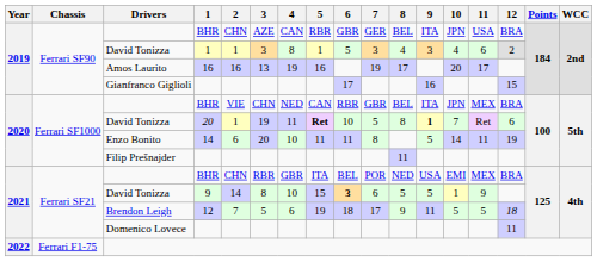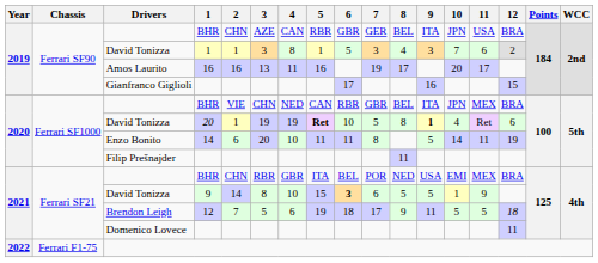 <table class="wikitable" style="text-align:center; font-size:85%">
 <tr>
 <th>Year</th>
 <th>Chassis</th>
 <th>Drivers</th>
 <th>1</th>
 <th>2</th>
 <th>3</th>
 <th>4</th>
 <th>5</th>
 <th>6</th>
 <th>7</th>
 <th>8</th>
 <th>9</th>
 <th>10</th>
 <th>11</th>
 <th>12</th>
 <th><a href='#'>Points</a></th>
 <th>WCC</th>
 </tr>
 <tr>
 <th rowspan="4"><a href='#'>2019</a></th>
 <td rowspan="4"><a href='#'>Ferrari SF90</a></td>
 <td></td>
 <td><a href='#'>BHR</a></td>
 <td><a href='#'>CHN</a></td>
 <td><a href='#'>AZE</a></td>
 <td><a href='#'>CAN</a></td>
 <td><a href='#'>RBR</a></td>
 <td><a href='#'>GBR</a></td>
 <td><a href='#'>GER</a></td>
 <td><a href='#'>BEL</a></td>
 <td><a href='#'>ITA</a></td>
 <td><a href='#'>JPN</a></td>
 <td><a href='#'>USA</a></td>
 <td><a href='#'>BRA</a></td>
 <th rowspan="4" style="background:#DFDFDF;">184</th>
 <th rowspan="4" style="background:#DFDFDF;">2nd</th>
 </tr>
 <tr>
 <td align="left"> David Tonizza</td>
 <td style="background:#FFFFBF">1</td>
 <td style="background:#FFFFBF">1</td>
 <td style="background:#FFDF9F">3</td>
 <td style="background:#DFFFDF">8</td>
 <td style="background:#FFFFBF">1</td>
 <td style="background:#DFFFDF">5</td>
 <td style="background:#FFDF9F">3</td>
 <td style="background:#DFFFDF">4</td>
 <td style="background:#FFDF9F">3</td>
-<td style="background:#DFFFDF">4</td>
+<td style="background:#DFFFDF">7</td>
 <td style="background:#DFFFDF">6</td>
 <td style="background:#DFDFDF">2</td>
 </tr>
 <tr>
 <td align="left"> Amos Laurito</td>
 <td style="background:#CFCFFF">16</td>
 <td style="background:#CFCFFF">16</td>
 <td style="background:#CFCFFF">13</td>
-<td style="background:#CFCFFF">19</td>
+<td style="background:#CFCFFF">11</td>
 <td style="background:#CFCFFF">16</td>
 <td></td>
 <td style="background:#CFCFFF">19</td>
 <td style="background:#CFCFFF">17</td>
 <td></td>
 <td style="background:#CFCFFF">20</td>
 <td style="background:#CFCFFF">17</td>
 <td></td>
 </tr>
 <tr>
 <td align="left"> Gianfranco Giglioli</td>
 <td></td>
 <td></td>
 <td></td>
 <td></td>
 <td></td>
 <td style="background:#CFCFFF">17</td>
 <td></td>
 <td></td>
 <td style="background:#CFCFFF">16</td>
 <td></td>
 <td></td>
 <td style="background:#CFCFFF">15</td>
 </tr>
 <tr>
 <th rowspan="4"><a href='#'>2020</a></th>
 <td rowspan="4"><a href='#'>Ferrari SF1000</a></td>
 <td></td>
 <td><a href='#'>BHR</a></td>
 <td><a href='#'>VIE</a></td>
 <td><a href='#'>CHN</a></td>
 <td><a href='#'>NED</a></td>
 <td><a href='#'>CAN</a></td>
 <td><a href='#'>RBR</a></td>
 <td><a href='#'>GBR</a></td>
 <td><a href='#'>BEL</a></td>
 <td><a href='#'>ITA</a></td>
 <td><a href='#'>JPN</a></td>
 <td><a href='#'>MEX</a></td>
 <td><a href='#'>BRA</a></td>
 <th rowspan="4">100</th>
 <th rowspan="4">5th</th>
 </tr>
 <tr>
 <td align="left"> David Tonizza</td>
 <td style="background:#CFCFFF"><em>20</em></td>
 <td style="background:#FFFFBF">1</td>
 <td style="background:#CFCFFF">19</td>
-<td style="background:#CFCFFF">11</td>
+<td style="background:#CFCFFF">19</td>
 <td style="background:#EFCFFF"><strong>Ret</strong></td>
 <td style="background:#DFFFDF">10</td>
 <td style="background:#DFFFDF">5</td>
 <td style="background:#DFFFDF">8</td>
 <td style="background:#FFFFBF"><strong>1</strong></td>
-<td style="background:#DFFFDF">7</td>
+<td style="background:#DFFFDF">4</td>
 <td style="background:#EFCFFF">Ret</td>
 <td style="background:#DFFFDF">6</td>
 </tr>
 <tr>
 <td align="left"> Enzo Bonito</td>
 <td style="background:#CFCFFF">14</td>
 <td style="background:#DFFFDF">6</td>
 <td style="background:#CFCFFF">20</td>
 <td style="background:#DFFFDF">10</td>
 <td style="background:#CFCFFF">11</td>
 <td style="background:#CFCFFF">11</td>
 <td style="background:#DFFFDF">8</td>
 <td></td>
 <td style="background:#DFFFDF">5</td>
 <td style="background:#CFCFFF">14</td>
 <td style="background:#CFCFFF">11</td>
 <td style="background:#CFCFFF">19</td>
 </tr>
 <tr>
 <td align="left"> Filip Prešnajder</td>
 <td></td>
 <td></td>
 <td></td>
 <td></td>
 <td></td>
 <td></td>
 <td></td>
 <td style="background:#CFCFFF">11</td>
 <td></td>
 <td></td>
 <td></td>
 <td></td>
 </tr>
 <tr>
 <th rowspan="4"><a href='#'>2021</a></th>
 <td rowspan="4"><a href='#'>Ferrari SF21</a></td>
 <td></td>
 <td><a href='#'>BHR</a></td>
 <td><a href='#'>CHN</a></td>
 <td><a href='#'>RBR</a></td>
 <td><a href='#'>GBR</a></td>
 <td><a href='#'>ITA</a></td>
 <td><a href='#'>BEL</a></td>
 <td><a href='#'>POR</a></td>
 <td><a href='#'>NED</a></td>
 <td><a href='#'>USA</a></td>
 <td><a href='#'>EMI</a></td>
 <td><a href='#'>MEX</a></td>
 <td><a href='#'>BRA</a></td>
 <th rowspan="4">125</th>
 <th rowspan="4">4th</th>
 </tr>
 <tr>
 <td align="left"> David Tonizza</td>
 <td style="background:#DFFFDF">9</td>
 <td style="background:#CFCFFF">14</td>
 <td style="background:#DFFFDF">8</td>
 <td style="background:#DFFFDF">10</td>
 <td style="background:#CFCFFF">15</td>
 <td style="background:#FFDF9F"><strong>3</strong></td>
 <td style="background:#DFFFDF">6</td>
 <td style="background:#DFFFDF">5</td>
 <td style="background:#DFFFDF">5</td>
 <td style="background:#FFFFBF">1</td>
 <td style="background:#DFFFDF">9</td>
 <td style="background:"></td>
 </tr>
 <tr>
 <td align="left"> <a href='#'>Brendon Leigh</a></td>
 <td style="background:#CFCFFF">12</td>
 <td style="background:#DFFFDF">7</td>
 <td style="background:#DFFFDF">5</td>
 <td style="background:#DFFFDF">6</td>
 <td style="background:#CFCFFF">19</td>
 <td style="background:#CFCFFF">18</td>
 <td style="background:#CFCFFF">17</td>
 <td style="background:#DFFFDF">9</td>
 <td style="background:#CFCFFF">11</td>
 <td style="background:#DFFFDF">5</td>
 <td style="background:#DFFFDF">5</td>
 <td style="background:#CFCFFF"><em>18</em></td>
 </tr>
 <tr>
 <td align="left"> Domenico Lovece</td>
 <td style="background:"></td>
 <td style="background:"></td>
 <td style="background:"></td>
 <td style="background:"></td>
 <td style="background:"></td>
 <td style="background:"></td>
 <td style="background:"></td>
 <td style="background:"></td>
 <td style="background:"></td>
 <td style="background:"></td>
 <td style="background:"></td>
 <td style="background:#CFCFFF">11</td>
 </tr>
 <tr>
 <th rowspan="5"><a href='#'>2022</a></th>
 <td rowspan="5"><a href='#'>Ferrari F1-75</a></td>
 </tr>
 </table>
